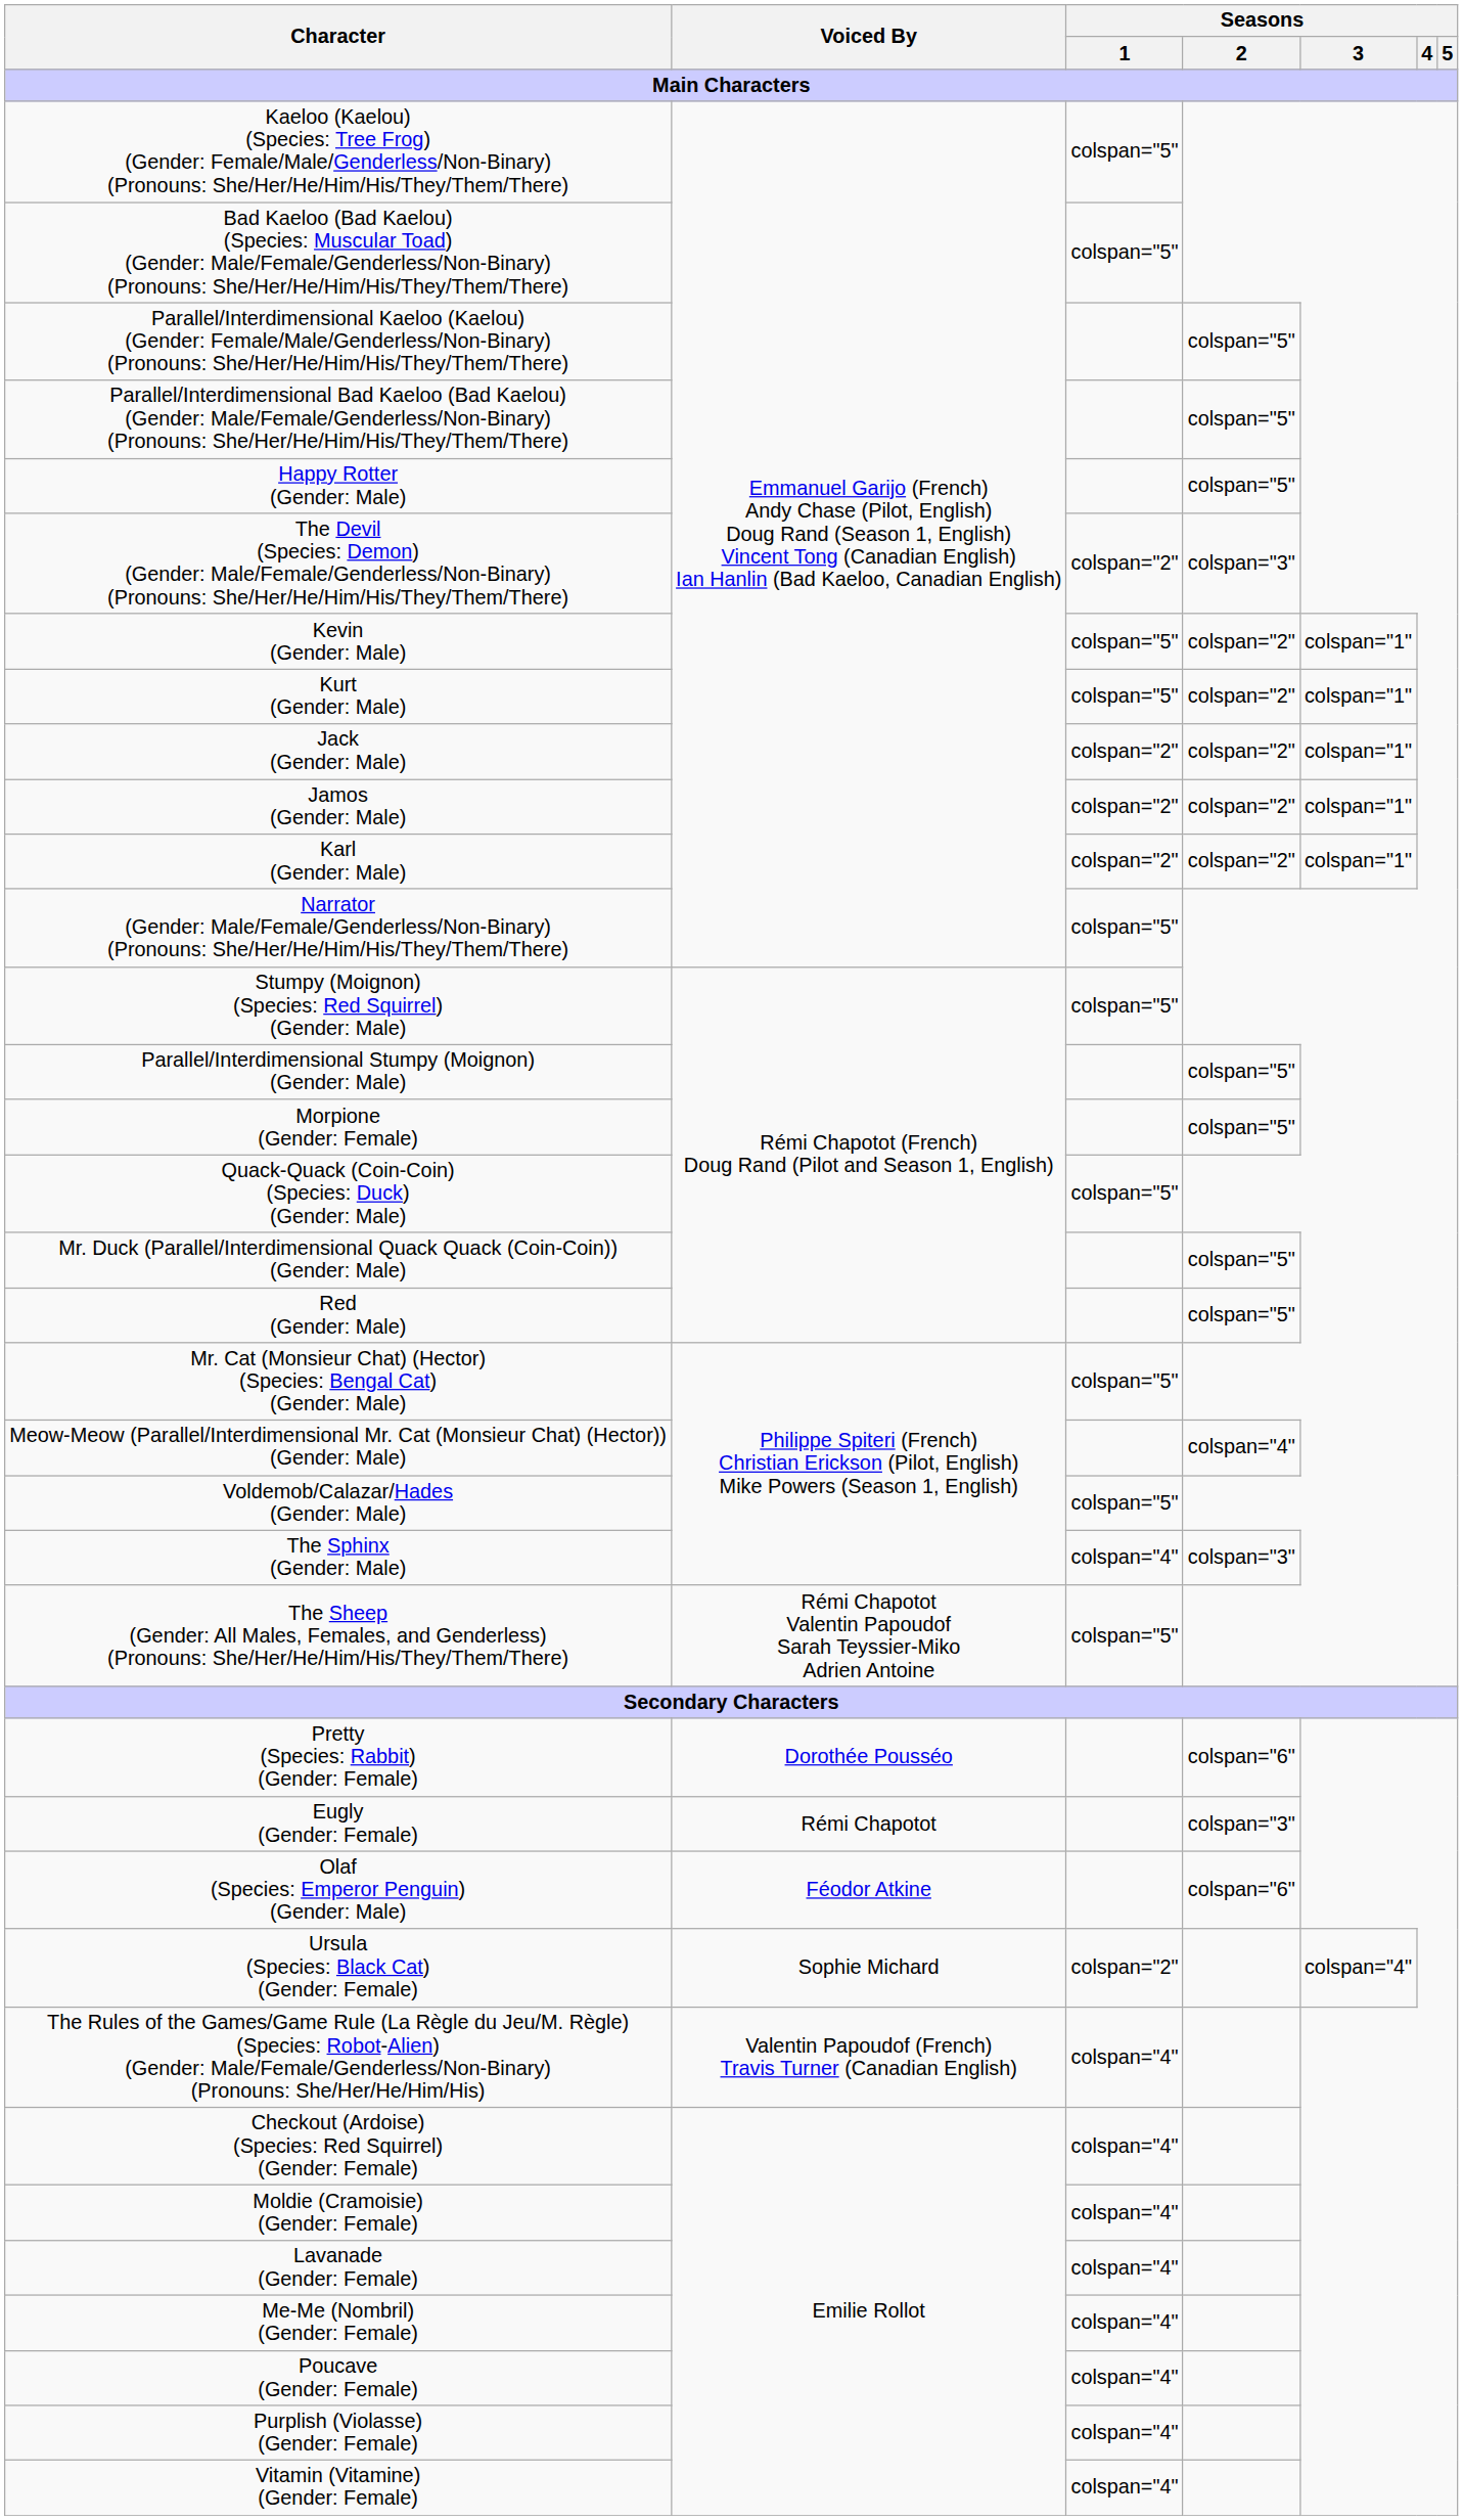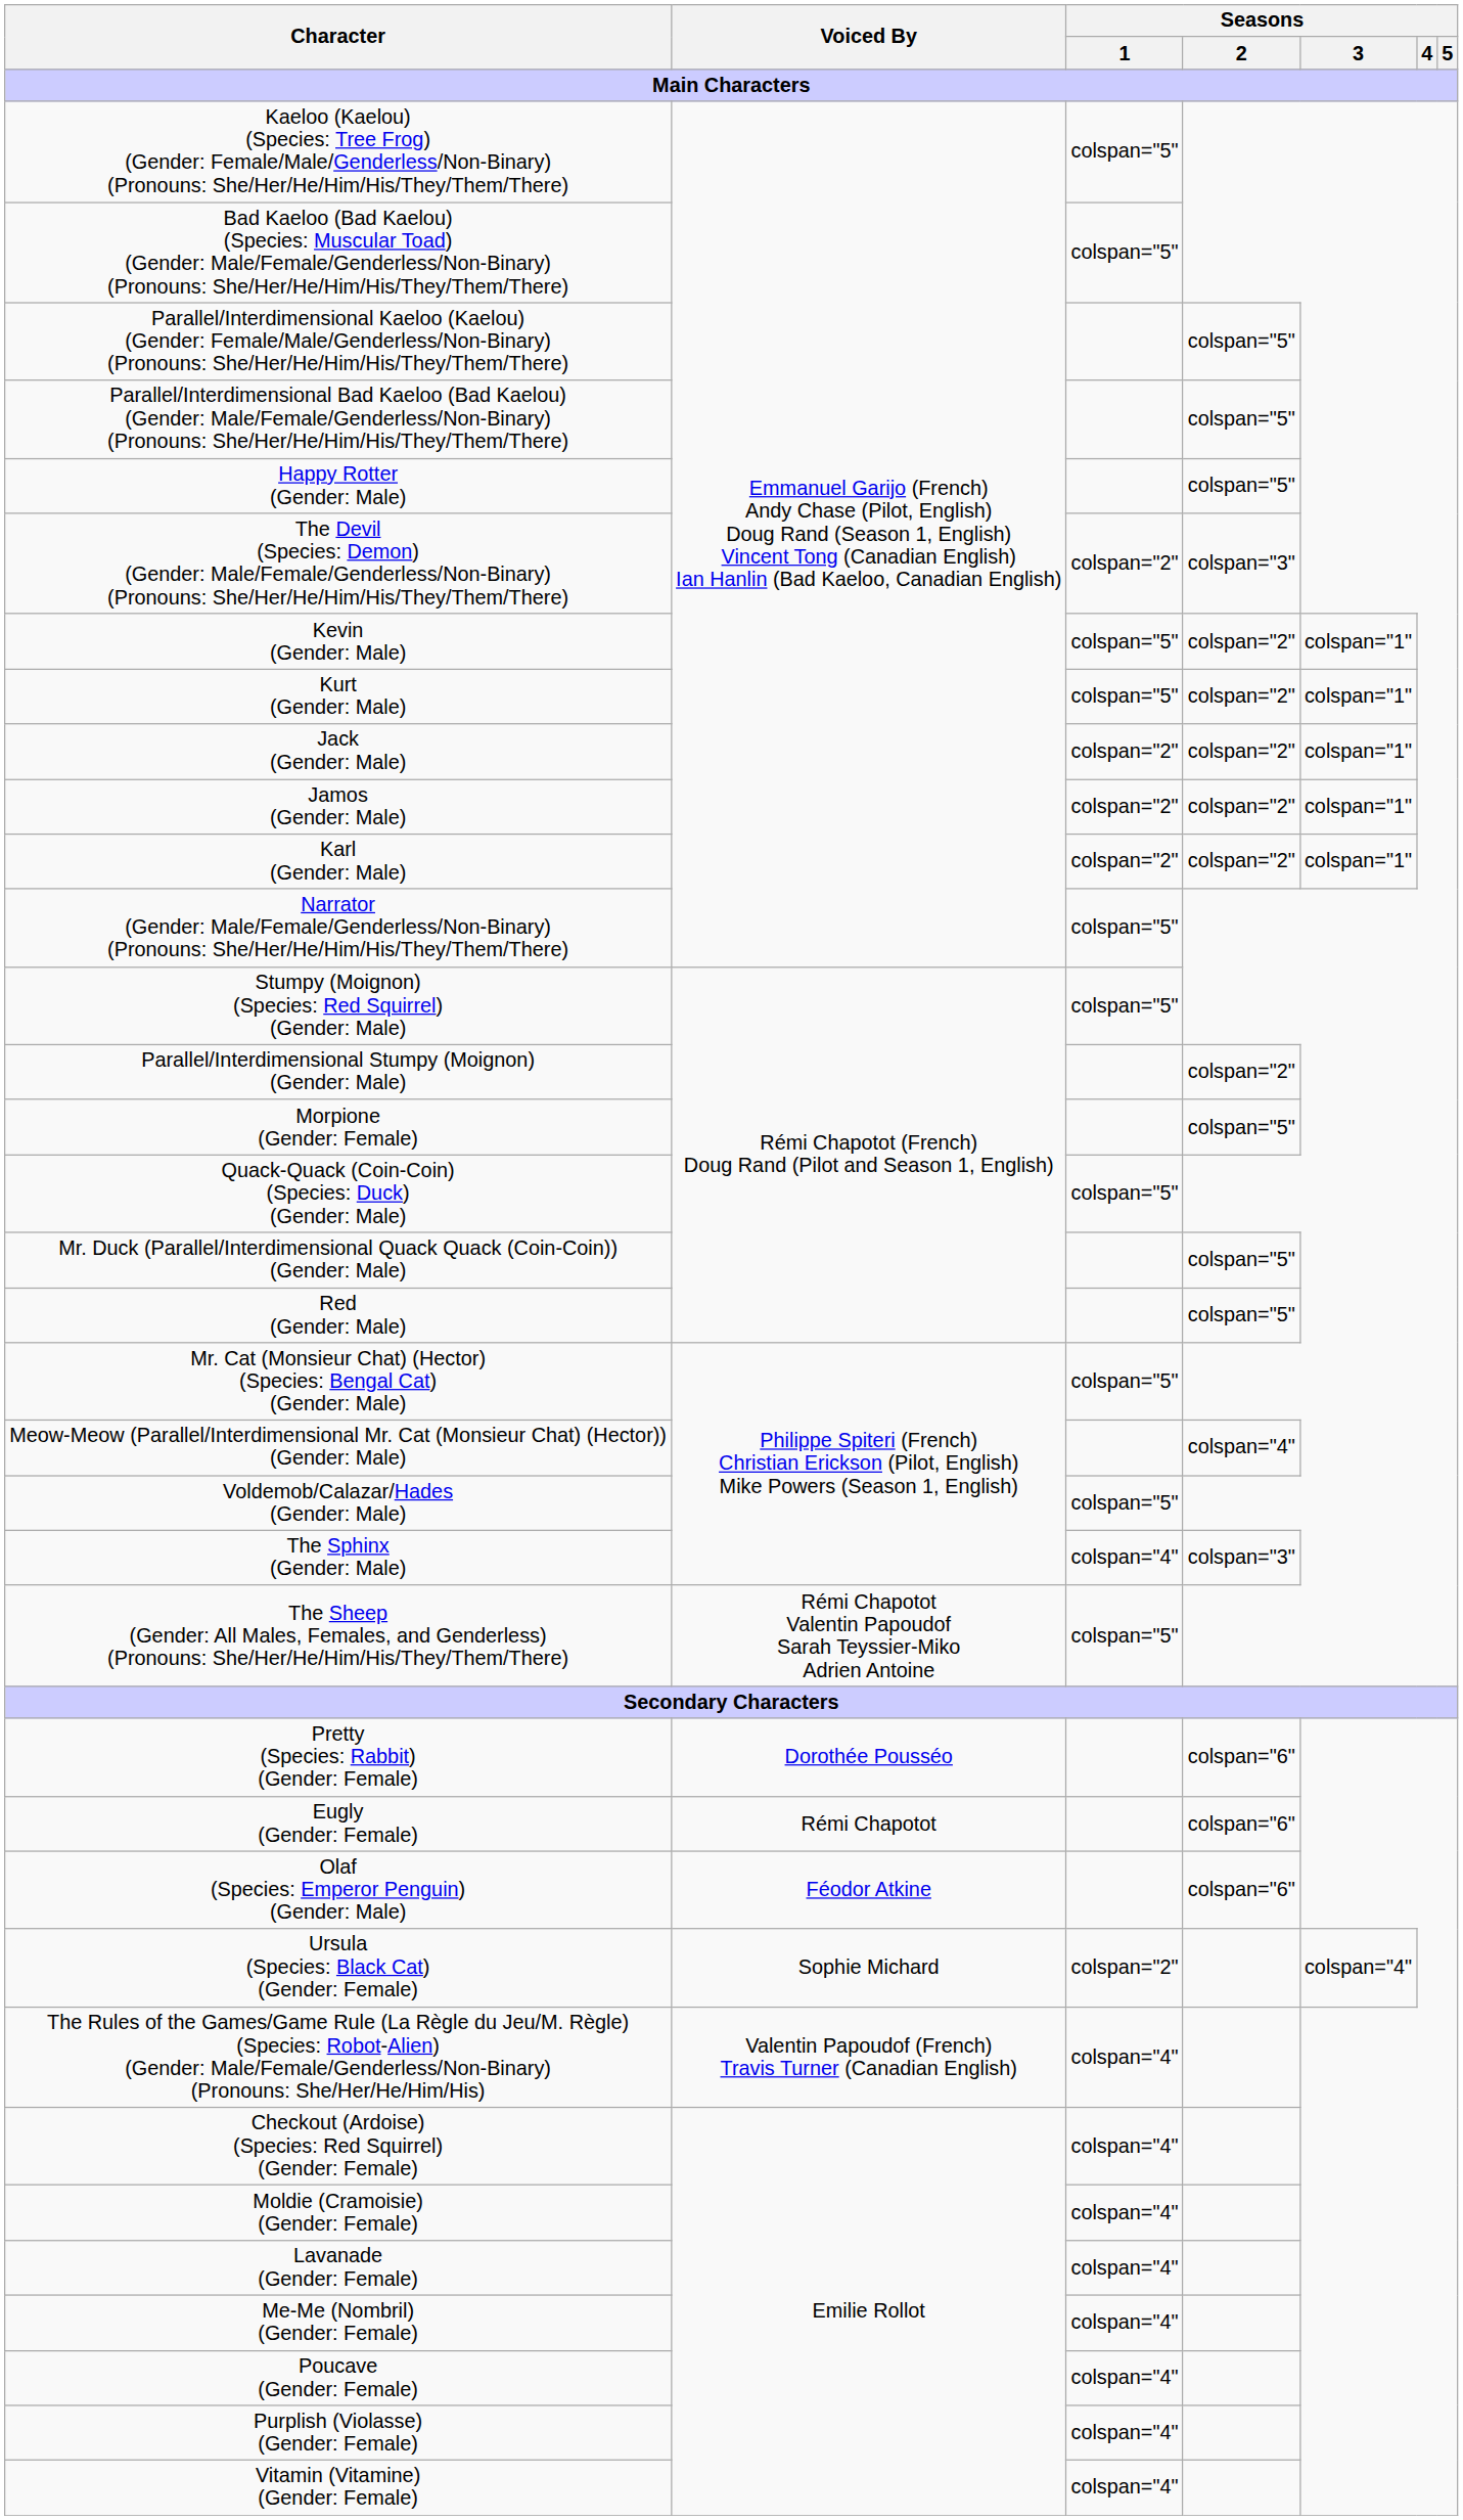 <table class="wikitable plainrowheaders" style="text-align:center;">
 <tr>
 <th scope="col" rowspan="2">Character</th>
 <th scope="col" rowspan="2">Voiced By</th>
 <th colspan="5" scope="col">Seasons</th>
 </tr>
 <tr>
 <th>1</th>
 <th>2</th>
 <th>3</th>
 <th>4</th>
 <th>5</th>
 </tr>
 <tr>
 <th colspan="7" style="background:#ccf;">Main Characters</th>
 </tr>
 <tr>
 <td scope="row">Kaeloo (Kaelou) <br> (Species: <a href='#'>Tree Frog</a>) <br> (Gender: Female/Male/<a href='#'>Genderless</a>/Non-Binary) <br> (Pronouns: She/Her/He/Him/His/They/Them/There)</td>
 <td rowspan="12"><a href='#'>Emmanuel Garijo</a> (French) <br> Andy Chase (Pilot, English) <br> Doug Rand (Season 1, English) <br> <a href='#'>Vincent Tong</a> (Canadian English) <br> <a href='#'>Ian Hanlin</a> (Bad Kaeloo, Canadian English)</td>
 <td>colspan="5" </td>
 </tr>
 <tr>
 <td scope="row">Bad Kaeloo (Bad Kaelou) <br> (Species: <a href='#'>Muscular Toad</a>) <br> (Gender: Male/Female/Genderless/Non-Binary) <br> (Pronouns: She/Her/He/Him/His/They/Them/There)</td>
 <td>colspan="5" </td>
 </tr>
 <tr>
 <td scope="row">Parallel/Interdimensional Kaeloo (Kaelou) <br> (Gender: Female/Male/Genderless/Non-Binary) <br> (Pronouns: She/Her/He/Him/His/They/Them/There)</td>
 <td></td>
 <td>colspan="5" </td>
 </tr>
 <tr>
 <td scope="row">Parallel/Interdimensional Bad Kaeloo (Bad Kaelou) <br> (Gender: Male/Female/Genderless/Non-Binary) <br> (Pronouns: She/Her/He/Him/His/They/Them/There)</td>
 <td></td>
 <td>colspan="5" </td>
 </tr>
 <tr>
 <td scope="row"><a href='#'>Happy Rotter</a> <br> (Gender: Male)</td>
 <td></td>
 <td>colspan="5" </td>
 </tr>
 <tr>
 <td scope="row">The <a href='#'>Devil</a> <br> (Species: <a href='#'>Demon</a>) <br> (Gender: Male/Female/Genderless/Non-Binary) <br> (Pronouns: She/Her/He/Him/His/They/Them/There)</td>
 <td>colspan="2" </td>
 <td>colspan="3" </td>
 </tr>
 <tr>
 <td scope="row">Kevin <br> (Gender: Male)</td>
 <td>colspan="5" </td>
 <td>colspan="2" </td>
 <td>colspan="1" </td>
 </tr>
 <tr>
 <td scope="row">Kurt <br> (Gender: Male)</td>
 <td>colspan="5" </td>
 <td>colspan="2" </td>
 <td>colspan="1" </td>
 </tr>
 <tr>
 <td scope="row">Jack <br> (Gender: Male)</td>
 <td>colspan="2" </td>
 <td>colspan="2" </td>
 <td>colspan="1" </td>
 </tr>
 <tr>
 <td scope="row">Jamos <br> (Gender: Male)</td>
 <td>colspan="2" </td>
 <td>colspan="2" </td>
 <td>colspan="1" </td>
 </tr>
 <tr>
 <td scope="row">Karl <br> (Gender: Male)</td>
 <td>colspan="2" </td>
 <td>colspan="2" </td>
 <td>colspan="1" </td>
 </tr>
 <tr>
 <td scope="row"><a href='#'>Narrator</a>  <br> (Gender: Male/Female/Genderless/Non-Binary) <br> (Pronouns: She/Her/He/Him/His/They/Them/There)</td>
 <td>colspan="5" </td>
 </tr>
 <tr>
 <td scope="row">Stumpy (Moignon) <br> (Species: <a href='#'>Red Squirrel</a>) <br> (Gender: Male)</td>
 <td rowspan="6">Rémi Chapotot (French) <br> Doug Rand (Pilot and Season 1, English)</td>
 <td>colspan="5" </td>
 </tr>
 <tr>
 <td scope="row">Parallel/Interdimensional Stumpy (Moignon) <br> (Gender: Male)</td>
 <td></td>
-<td>colspan="5" </td>
+<td>colspan="2" </td>
 </tr>
 <tr>
 <td scope="row">Morpione <br> (Gender: Female)</td>
 <td></td>
 <td>colspan="5" </td>
 </tr>
 <tr>
 <td scope="row">Quack-Quack (Coin-Coin) <br> (Species: <a href='#'>Duck</a>) <br> (Gender: Male)</td>
 <td>colspan="5" </td>
 </tr>
 <tr>
 <td scope="row">Mr. Duck (Parallel/Interdimensional Quack Quack (Coin-Coin)) <br> (Gender: Male)</td>
 <td></td>
 <td>colspan="5" </td>
 </tr>
 <tr>
 <td scope="row">Red <br> (Gender: Male)</td>
 <td></td>
 <td>colspan="5" </td>
 </tr>
 <tr>
 <td scope="row">Mr. Cat (Monsieur Chat) (Hector) <br> (Species: <a href='#'>Bengal Cat</a>) <br> (Gender: Male)</td>
 <td rowspan="4"><a href='#'>Philippe Spiteri</a> (French) <br> <a href='#'>Christian Erickson</a> (Pilot, English) <br> Mike Powers (Season 1, English)</td>
 <td>colspan="5" </td>
 </tr>
 <tr>
 <td scope="row">Meow-Meow  (Parallel/Interdimensional Mr. Cat (Monsieur Chat) (Hector)) <br> (Gender: Male)</td>
 <td></td>
 <td>colspan="4" </td>
 </tr>
 <tr>
 <td scope="row">Voldemob/Calazar/<a href='#'>Hades</a> <br> (Gender: Male)</td>
 <td>colspan="5" </td>
 </tr>
 <tr>
 <td scope="row">The <a href='#'>Sphinx</a> <br> (Gender: Male)</td>
 <td>colspan="4" </td>
 <td>colspan="3" </td>
 </tr>
 <tr>
 <td scope="row">The <a href='#'>Sheep</a> <br> (Gender: All Males, Females, and Genderless) <br> (Pronouns: She/Her/He/Him/His/They/Them/There)</td>
 <td>Rémi Chapotot <br> Valentin Papoudof <br> Sarah Teyssier-Miko <br> Adrien Antoine</td>
 <td>colspan="5" </td>
 </tr>
 <tr>
 <th colspan="7" style="background:#ccf;">Secondary Characters</th>
 </tr>
 <tr>
 <td scope="row">Pretty <br> (Species: <a href='#'>Rabbit</a>) <br> (Gender: Female)</td>
 <td><a href='#'>Dorothée Pousséo</a></td>
 <td></td>
 <td>colspan="6" </td>
 </tr>
 <tr>
 <td scope="row">Eugly <br> (Gender: Female)</td>
 <td>Rémi Chapotot</td>
 <td></td>
-<td>colspan="3" </td>
+<td>colspan="6" </td>
 </tr>
 <tr>
 <td scope="row">Olaf <br> (Species: <a href='#'>Emperor Penguin</a>) <br> (Gender: Male)</td>
 <td><a href='#'>Féodor Atkine</a></td>
 <td></td>
 <td>colspan="6" </td>
 </tr>
 <tr>
 <td scope="row">Ursula <br> (Species: <a href='#'>Black Cat</a>) <br> (Gender: Female)</td>
 <td>Sophie Michard</td>
 <td>colspan="2" </td>
 <td></td>
 <td>colspan="4" </td>
 </tr>
 <tr>
 <td scope="row">The Rules of the Games/Game Rule (La Règle du Jeu/M. Règle) <br> (Species: <a href='#'>Robot</a>-<a href='#'>Alien</a>) <br> (Gender: Male/Female/Genderless/Non-Binary) <br> (Pronouns: She/Her/He/Him/His)</td>
 <td>Valentin Papoudof (French) <br> <a href='#'>Travis Turner</a> (Canadian English)</td>
 <td>colspan="4" </td>
 <td></td>
 </tr>
 <tr>
 <td scope="row">Checkout (Ardoise) <br> (Species: Red Squirrel) <br> (Gender: Female)</td>
 <td rowspan="7">Emilie Rollot</td>
 <td>colspan="4" </td>
 <td></td>
 </tr>
 <tr>
 <td scope="row">Moldie (Cramoisie) <br> (Gender: Female)</td>
 <td>colspan="4" </td>
 <td></td>
 </tr>
 <tr>
 <td scope="row">Lavanade <br> (Gender: Female)</td>
 <td>colspan="4" </td>
 <td></td>
 </tr>
 <tr>
 <td scope="row">Me-Me (Nombril) <br> (Gender: Female)</td>
 <td>colspan="4" </td>
 <td></td>
 </tr>
 <tr>
 <td scope="row">Poucave <br> (Gender: Female)</td>
 <td>colspan="4" </td>
 <td></td>
 </tr>
 <tr>
 <td scope="row">Purplish (Violasse) <br> (Gender: Female)</td>
 <td>colspan="4" </td>
 <td></td>
 </tr>
 <tr>
 <td scope="row">Vitamin (Vitamine) <br> (Gender: Female)</td>
 <td>colspan="4" </td>
 <td></td>
 </tr>
 </table>
